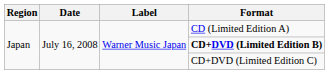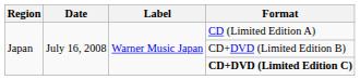 <table class="wikitable">
 <tr>
 <th>Region</th>
 <th>Date</th>
 <th>Label</th>
 <th>Format</th>
 </tr>
 <tr>
 <td rowspan="3">Japan</td>
 <td rowspan="3">July 16, 2008</td>
 <td rowspan="3"><a href='#'>Warner Music Japan</a></td>
 <td><a href='#'>CD</a> (Limited Edition A)</td>
 </tr>
 <tr>
-<td><strong>CD+<a href='#'>DVD</a> (Limited Edition B)</strong></td>
+<td>CD+<a href='#'>DVD</a> (Limited Edition B)</td>
 </tr>
 <tr>
-<td>CD+DVD (Limited Edition C)</td>
+<td><strong>CD+DVD (Limited Edition C)</strong></td>
 </tr>
 </table>
